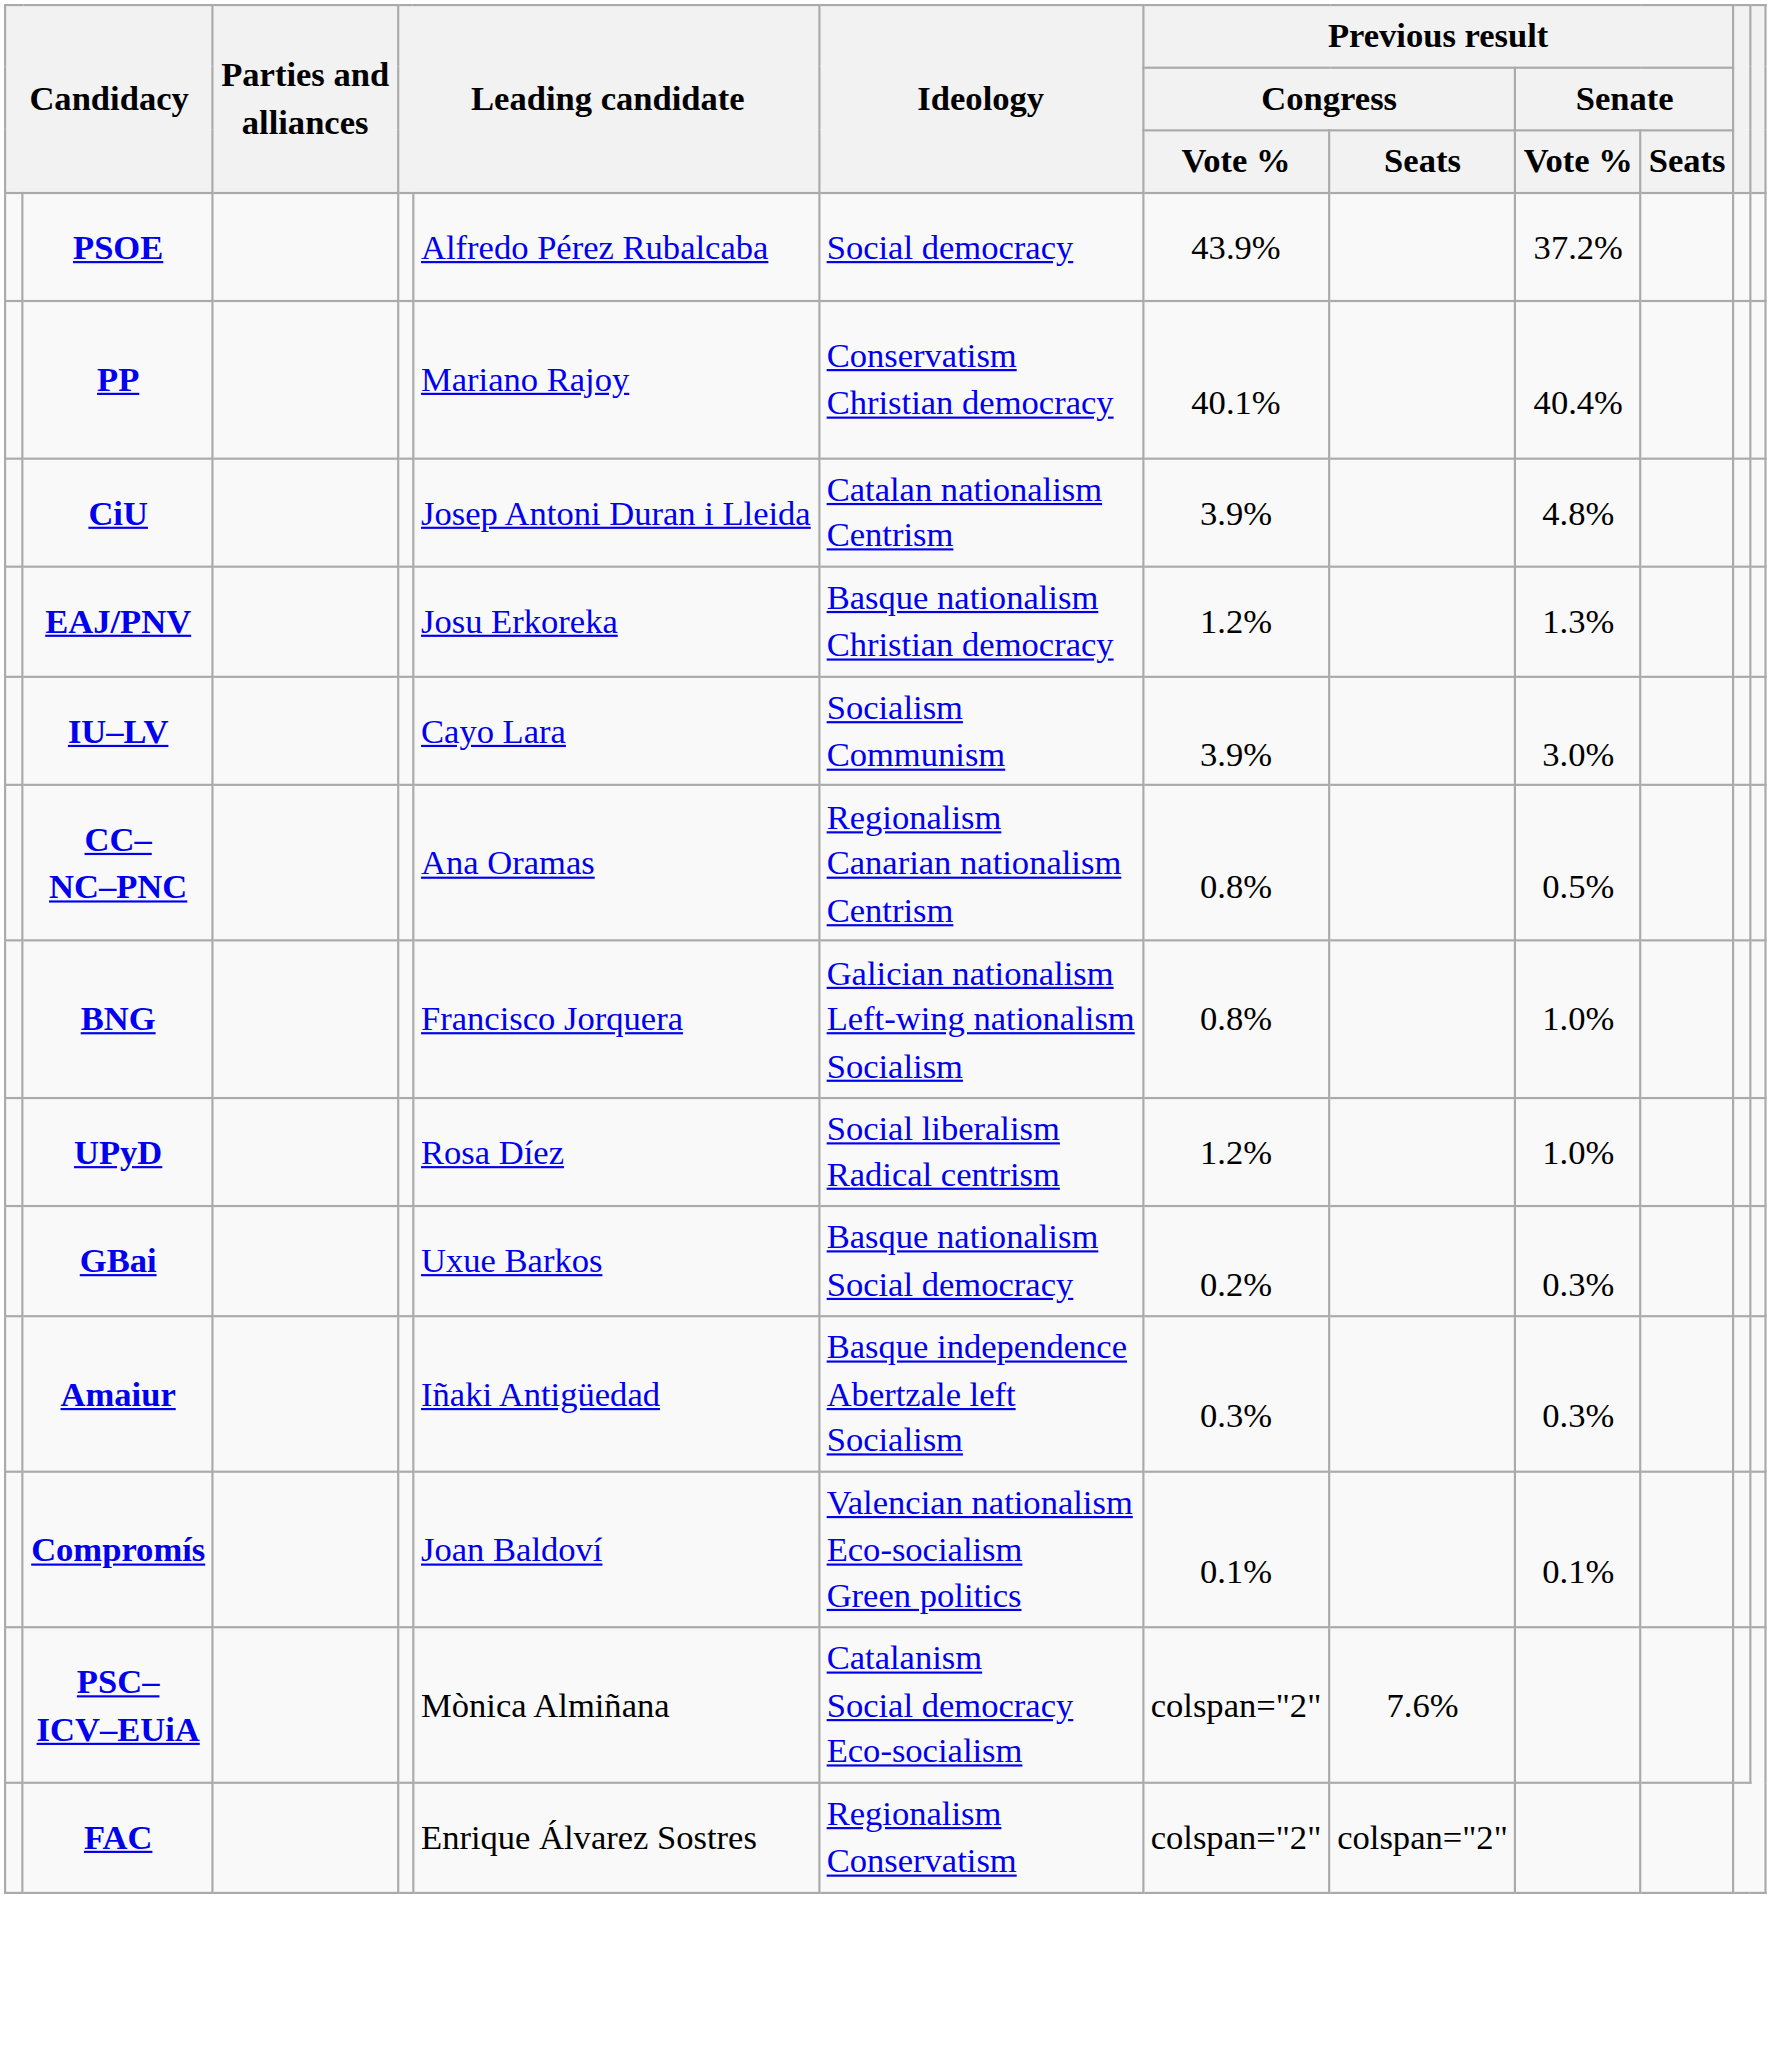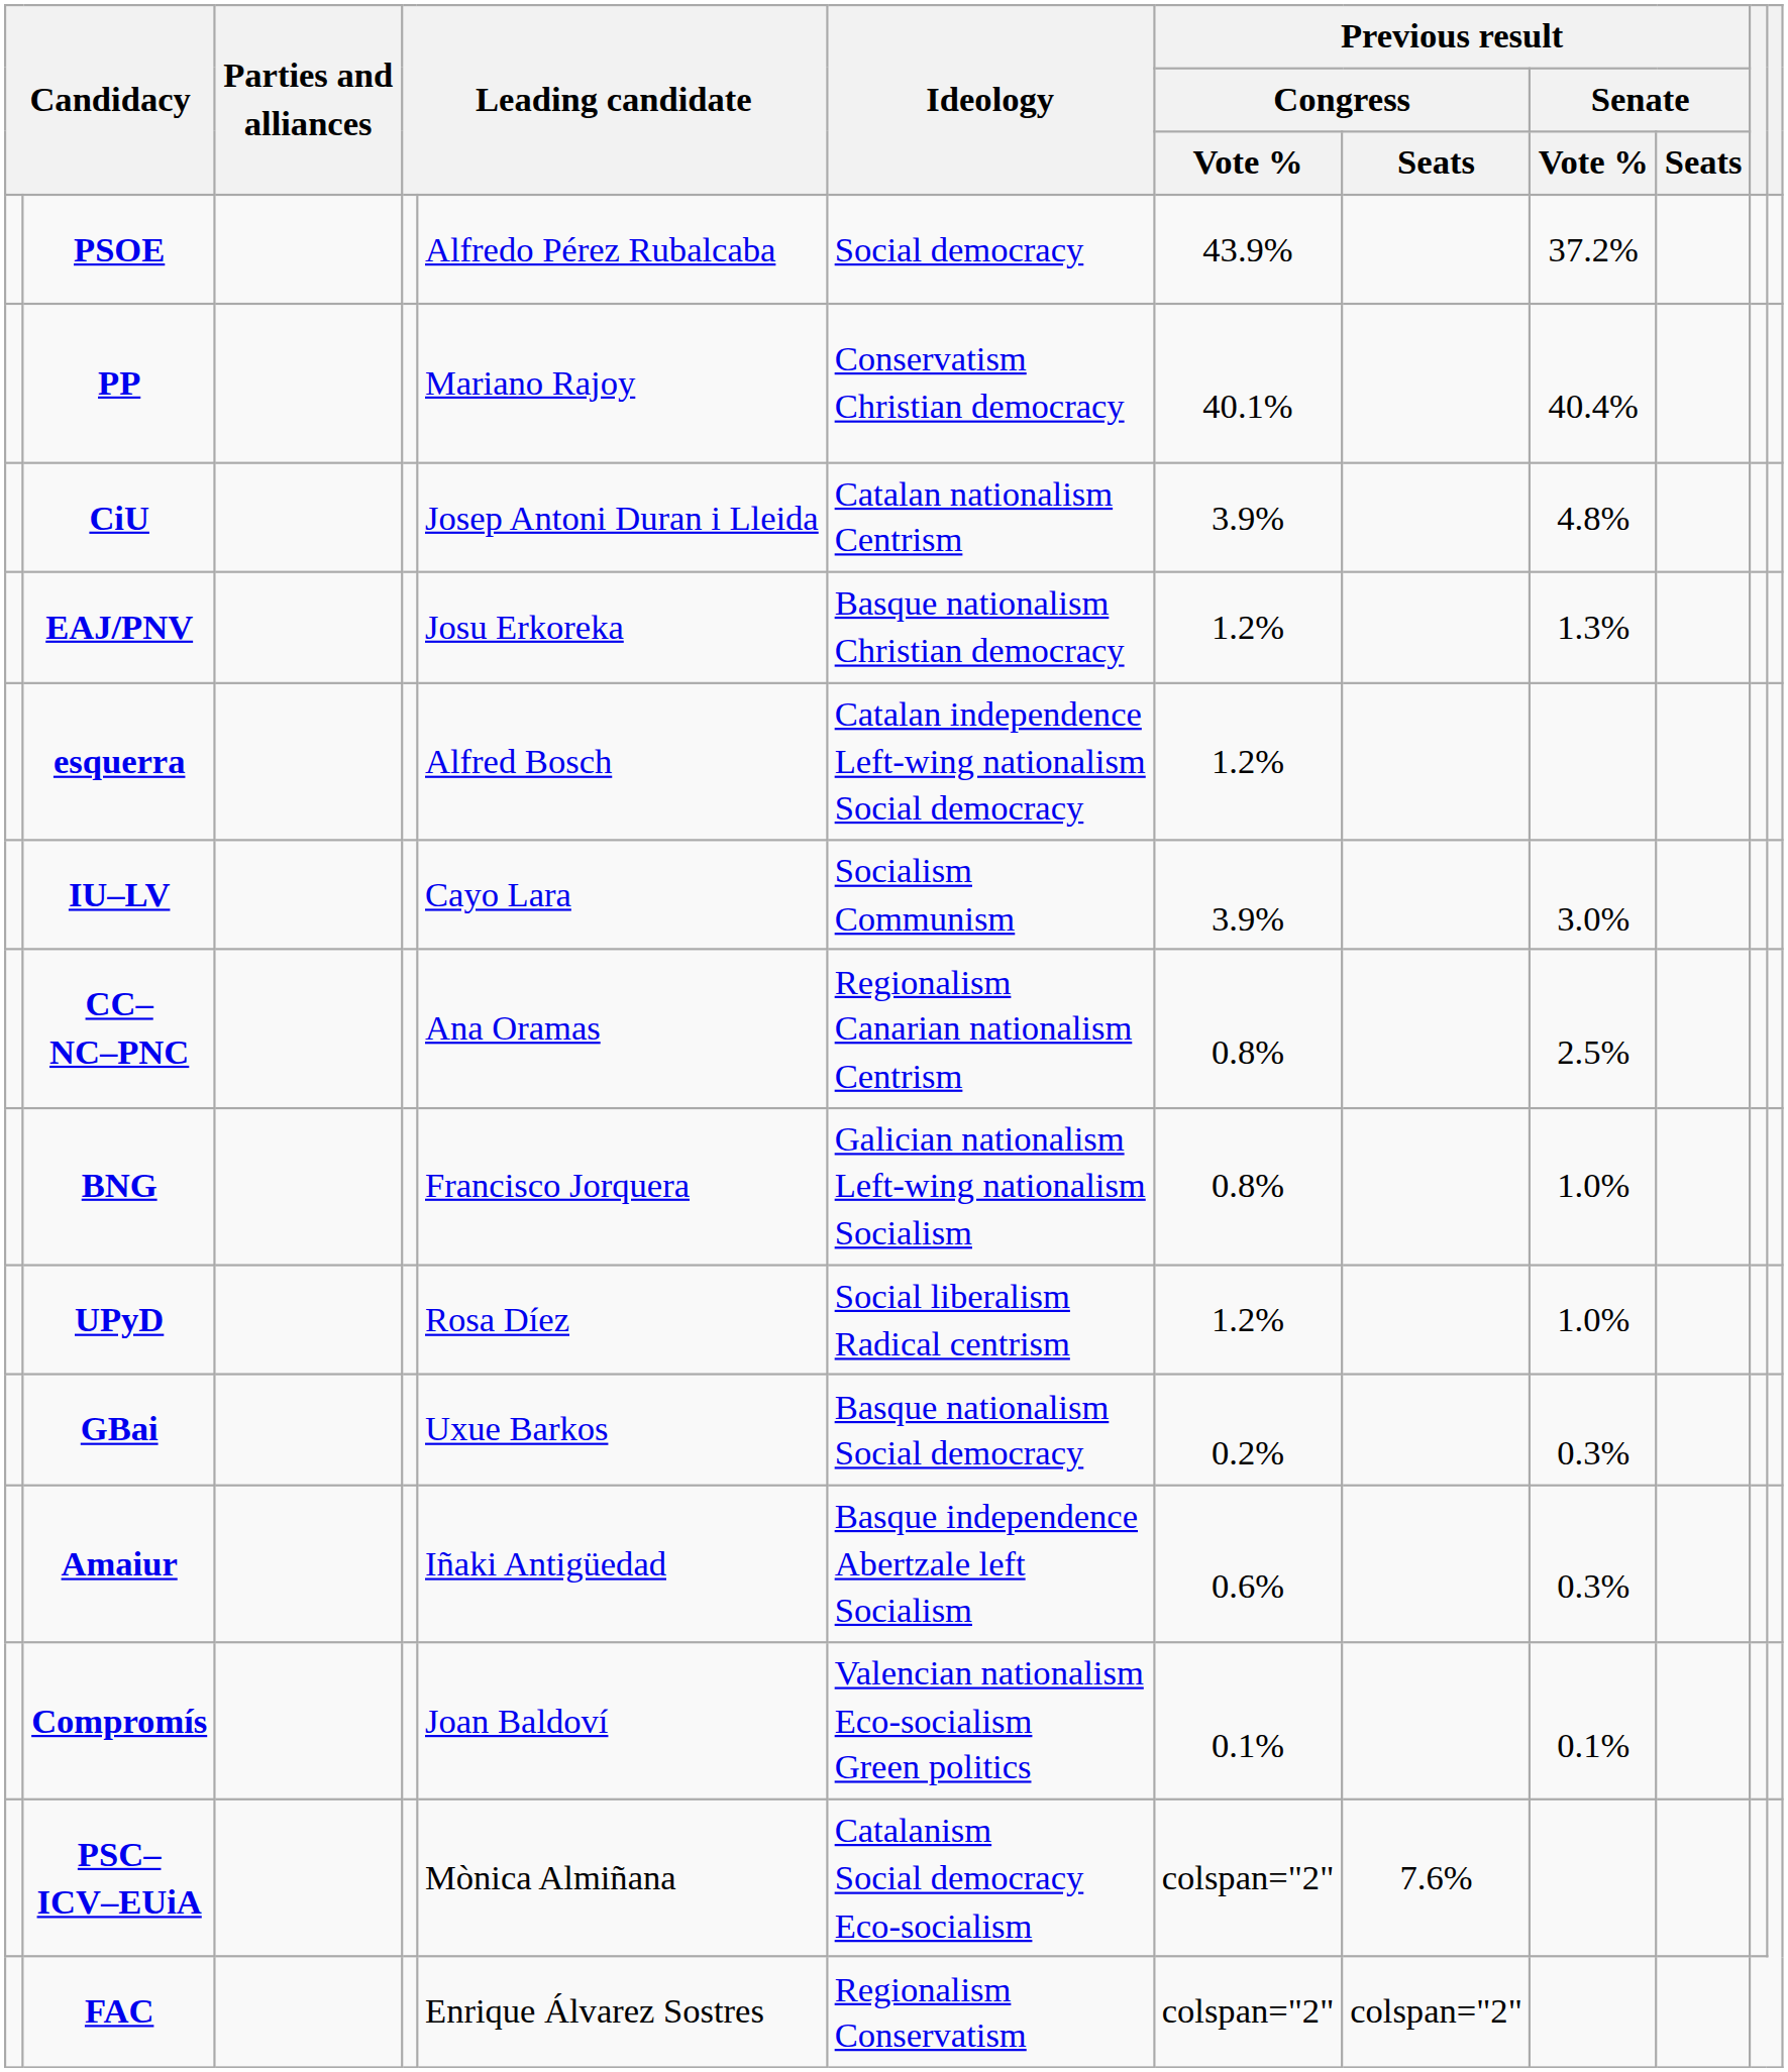 <table class="wikitable" style="line-height:1.35em; text-align:left;">
 <tr>
 <th colspan="2" rowspan="3">Candidacy</th>
 <th rowspan="3">Parties and<br>alliances</th>
 <th colspan="2" rowspan="3">Leading candidate</th>
 <th rowspan="3">Ideology</th>
 <th colspan="4">Previous result</th>
 <th rowspan="3"></th>
 <th rowspan="3"></th>
 </tr>
 <tr>
 <th colspan="2">Congress</th>
 <th colspan="2">Senate</th>
 </tr>
 <tr>
 <th>Vote %</th>
 <th>Seats</th>
 <th>Vote %</th>
 <th>Seats</th>
 </tr>
 <tr>
 <td width="1" style="color:inherit;background:"></td>
 <td align="center"><strong><a href='#'>PSOE</a></strong></td>
 <td></td>
 <td></td>
 <td><a href='#'>Alfredo Pérez Rubalcaba</a></td>
 <td><a href='#'>Social democracy</a></td>
 <td align="center">43.9%</td>
 <td></td>
 <td align="center">37.2%</td>
 <td></td>
 <td></td>
 <td><br><br></td>
 </tr>
 <tr>
 <td style="color:inherit;background:"></td>
 <td align="center"><strong><a href='#'>PP</a></strong></td>
 <td></td>
 <td></td>
 <td><a href='#'>Mariano Rajoy</a></td>
 <td><a href='#'>Conservatism</a><br><a href='#'>Christian democracy</a></td>
 <td align="center"><br>40.1%<br></td>
 <td></td>
 <td align="center"><br>40.4%<br></td>
 <td></td>
 <td></td>
 <td><br><br><br></td>
 </tr>
 <tr>
 <td style="color:inherit;background:"></td>
 <td align="center"><strong><a href='#'>CiU</a></strong></td>
 <td></td>
 <td></td>
 <td><a href='#'>Josep Antoni Duran i Lleida</a></td>
 <td><a href='#'>Catalan nationalism</a><br><a href='#'>Centrism</a></td>
 <td align="center">3.9%</td>
 <td></td>
 <td align="center">4.8%</td>
 <td></td>
 <td></td>
 <td></td>
 </tr>
 <tr>
 <td style="color:inherit;background:"></td>
 <td align="center"><strong><a href='#'>EAJ/PNV</a></strong></td>
 <td></td>
 <td></td>
 <td><a href='#'>Josu Erkoreka</a></td>
 <td><a href='#'>Basque nationalism</a><br><a href='#'>Christian democracy</a></td>
 <td align="center">1.2%</td>
 <td></td>
 <td align="center">1.3%</td>
 <td></td>
 <td></td>
 <td></td>
 </tr>
 <tr>
 <td style="color:inherit;background:"></td>
+<td align="center"><strong><a href='#'>esquerra</a></strong></td>
+<td></td>
+<td></td>
+<td><a href='#'>Alfred Bosch</a></td>
+<td><a href='#'>Catalan independence</a><br><a href='#'>Left-wing nationalism</a><br><a href='#'>Social democracy</a></td>
+<td align="center">1.2%</td>
+<td></td>
+<td align="center"></td>
+<td></td>
+<td></td>
+<td></td>
+</tr>
+<tr>
+<td style="color:inherit;background:"></td>
 <td align="center"><strong><a href='#'>IU–LV</a></strong></td>
 <td></td>
 <td></td>
 <td><a href='#'>Cayo Lara</a></td>
 <td><a href='#'>Socialism</a><br><a href='#'>Communism</a></td>
 <td align="center"><br>3.9%<br></td>
 <td></td>
 <td align="center"><br>3.0%<br></td>
 <td></td>
 <td></td>
 <td><br></td>
 </tr>
 <tr>
 <td style="color:inherit;background:"></td>
 <td align="center"><strong><a href='#'>CC–<br>NC–PNC</a></strong></td>
 <td></td>
 <td></td>
 <td><a href='#'>Ana Oramas</a></td>
 <td><a href='#'>Regionalism</a><br><a href='#'>Canarian nationalism</a><br><a href='#'>Centrism</a></td>
 <td align="center"><br>0.8%<br></td>
 <td></td>
-<td align="center"><br>0.5%<br></td>
+<td align="center"><br>2.5%<br></td>
 <td></td>
 <td></td>
 <td><br></td>
 </tr>
 <tr>
 <td style="color:inherit;background:"></td>
 <td align="center"><strong><a href='#'>BNG</a></strong></td>
 <td></td>
 <td></td>
 <td><a href='#'>Francisco Jorquera</a></td>
 <td><a href='#'>Galician nationalism</a><br><a href='#'>Left-wing nationalism</a><br><a href='#'>Socialism</a></td>
 <td align="center">0.8%</td>
 <td></td>
 <td align="center">1.0%</td>
 <td></td>
 <td></td>
 <td></td>
 </tr>
 <tr>
 <td style="color:inherit;background:"></td>
 <td align="center"><strong><a href='#'>UPyD</a></strong></td>
 <td></td>
 <td></td>
 <td><a href='#'>Rosa Díez</a></td>
 <td><a href='#'>Social liberalism</a><br><a href='#'>Radical centrism</a></td>
 <td align="center">1.2%</td>
 <td></td>
 <td align="center">1.0%</td>
 <td></td>
 <td></td>
 <td></td>
 </tr>
 <tr>
 <td style="color:inherit;background:"></td>
 <td align="center"><strong><a href='#'>GBai</a></strong></td>
 <td></td>
 <td></td>
 <td><a href='#'>Uxue Barkos</a></td>
 <td><a href='#'>Basque nationalism</a><br><a href='#'>Social democracy</a></td>
 <td align="center"><br>0.2%<br></td>
 <td></td>
 <td align="center"><br>0.3%<br></td>
 <td></td>
 <td></td>
 <td></td>
 </tr>
 <tr>
 <td style="color:inherit;background:"></td>
 <td align="center"><strong><a href='#'>Amaiur</a></strong></td>
 <td></td>
 <td></td>
 <td><a href='#'>Iñaki Antigüedad</a></td>
 <td><a href='#'>Basque independence</a><br><a href='#'>Abertzale left</a><br><a href='#'>Socialism</a></td>
-<td align="center"><br>0.3%<br></td>
+<td align="center"><br>0.6%<br></td>
 <td></td>
 <td align="center"><br>0.3%<br></td>
 <td></td>
 <td></td>
 <td></td>
 </tr>
 <tr>
 <td style="color:inherit;background:"></td>
 <td align="center"><strong><a href='#'>Compromís</a></strong></td>
 <td></td>
 <td></td>
 <td><a href='#'>Joan Baldoví</a></td>
 <td><a href='#'>Valencian nationalism</a><br><a href='#'>Eco-socialism</a><br><a href='#'>Green politics</a></td>
 <td align="center"><br>0.1%<br></td>
 <td></td>
 <td align="center"><br>0.1%<br></td>
 <td></td>
 <td></td>
 <td></td>
 </tr>
 <tr>
 <td style="color:inherit;background:"></td>
 <td align="center"><strong><a href='#'>PSC–<br>ICV–EUiA</a></strong></td>
 <td></td>
 <td></td>
 <td>Mònica Almiñana</td>
 <td><a href='#'>Catalanism</a><br><a href='#'>Social democracy</a><br><a href='#'>Eco-socialism</a></td>
 <td>colspan="2" </td>
 <td align="center">7.6%</td>
 <td></td>
 <td></td>
 <td><br></td>
 </tr>
 <tr>
 <td style="color:inherit;background:"></td>
 <td align="center"><strong><a href='#'>FAC</a></strong></td>
 <td></td>
 <td></td>
 <td>Enrique Álvarez Sostres</td>
 <td><a href='#'>Regionalism</a><br><a href='#'>Conservatism</a></td>
 <td>colspan="2" </td>
 <td>colspan="2" </td>
 <td></td>
 <td></td>
 </tr>
 </table>
